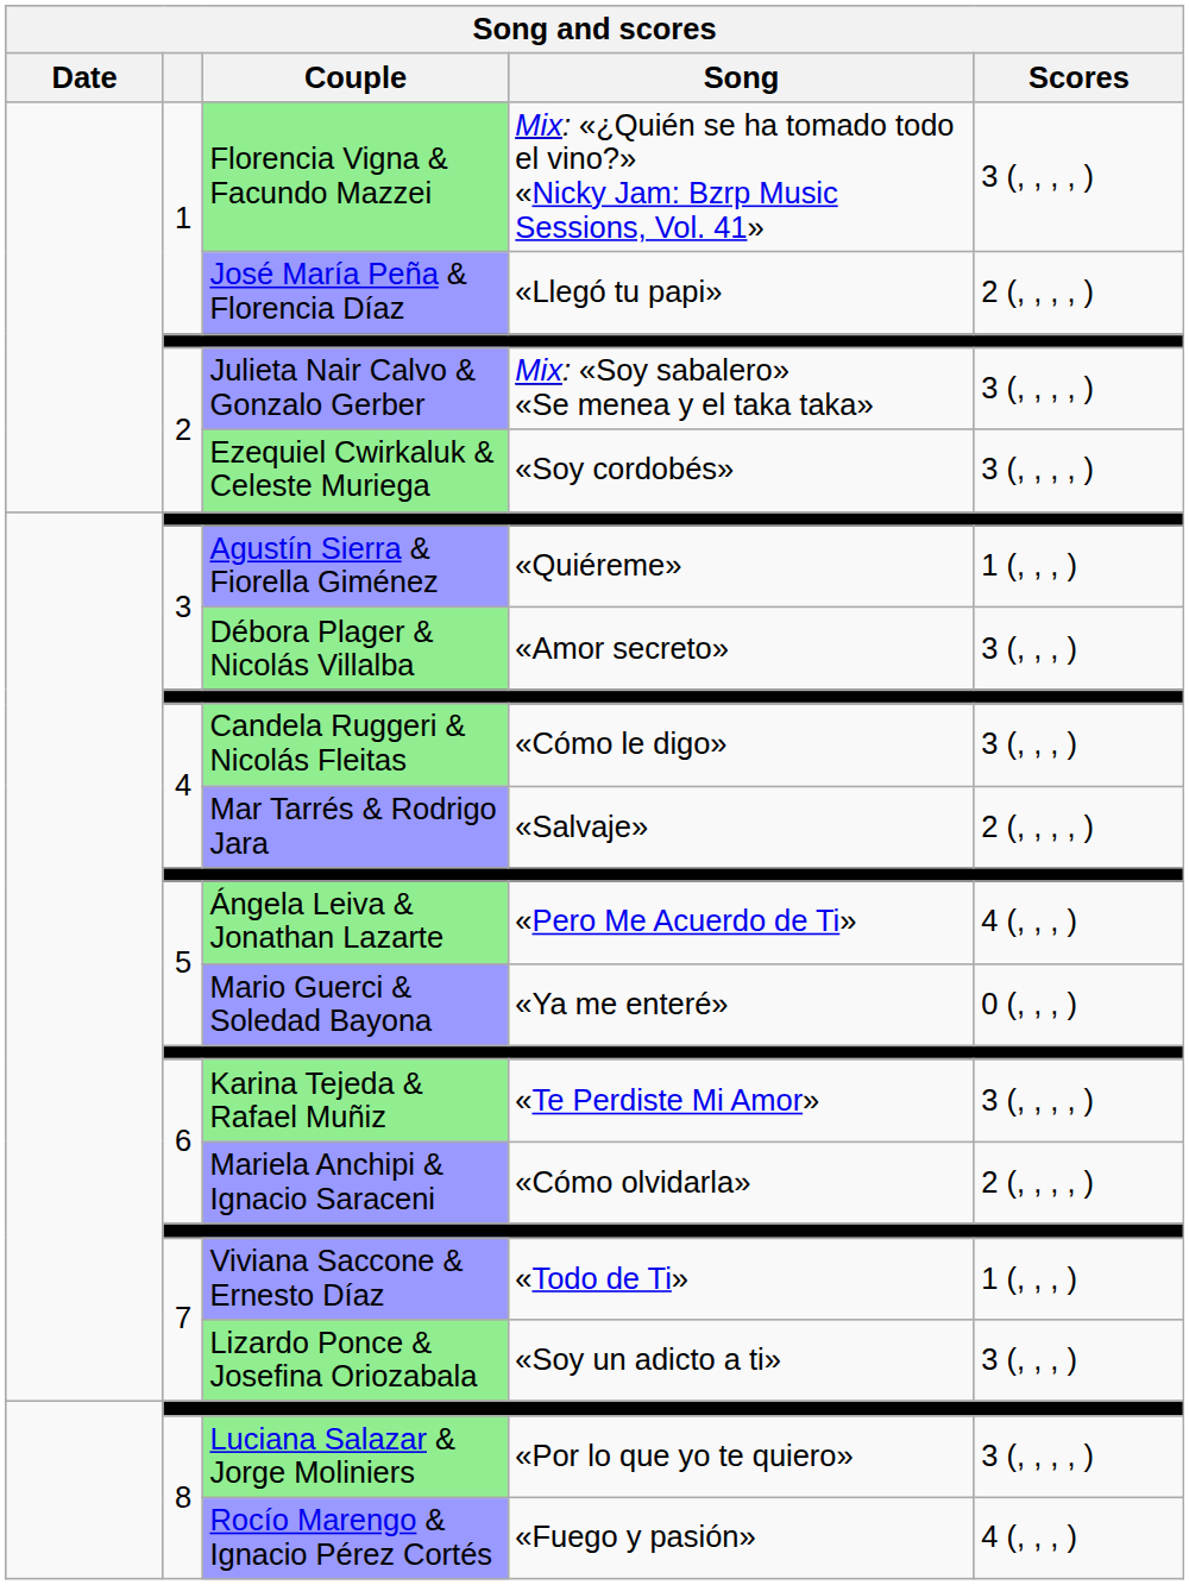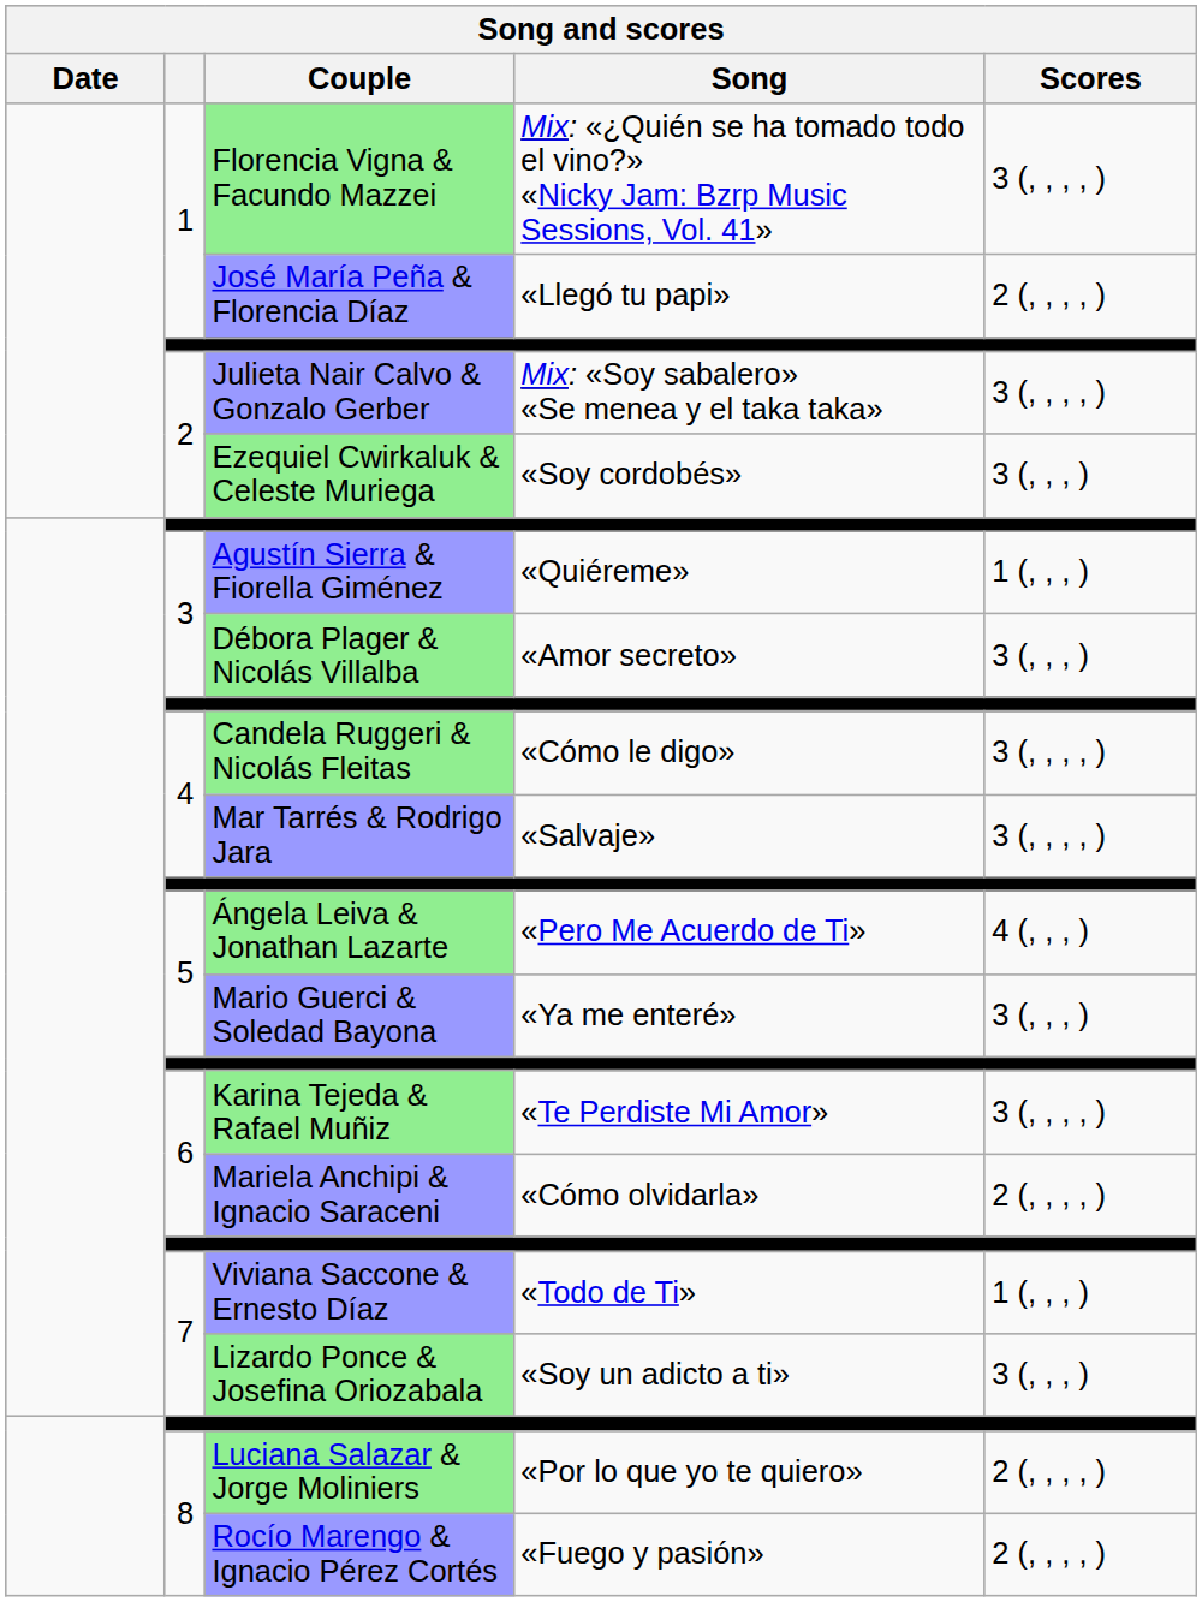 <table class="wikitable collapsible collapsed" style="text-align: align; width: 100%">
 <tr>
 <th colspan="11" style="with: 100%" align="center">Song and scores</th>
 </tr>
 <tr>
 <th width=90>Date</th>
 <th width=15></th>
 <th width=180>Couple</th>
 <th width=290>Song</th>
 <th width=120>Scores</th>
 </tr>
 <tr>
 <td rowspan="5"></td>
 <td rowspan="2" align="center">1</td>
 <td bgcolor="lightgreen">Florencia Vigna & Facundo Mazzei</td>
 <td><em><u><a href='#'>Mix</a></u>:</em> «¿Quién se ha tomado todo el vino?» <br>«<a href='#'>Nicky Jam: Bzrp Music Sessions, Vol. 41</a>» </td>
 <td>3 (, , , , )</td>
 </tr>
 <tr>
 <td bgcolor="#9999FF"><a href='#'>José María Peña</a> & Florencia Díaz</td>
 <td>«Llegó tu papi» </td>
 <td>2 (, , , , )</td>
 </tr>
 <tr>
 <td style="background:black" colspan=10></td>
 </tr>
 <tr>
 <td rowspan="2" align="center">2</td>
 <td bgcolor="#9999FF">Julieta Nair Calvo & Gonzalo Gerber</td>
 <td><em><u><a href='#'>Mix</a></u>:</em> «Soy sabalero» <br>«Se menea y el taka taka» </td>
 <td>3 (, , , , )</td>
 </tr>
 <tr>
 <td bgcolor="lightgreen">Ezequiel Cwirkaluk & Celeste Muriega</td>
 <td>«Soy cordobés» </td>
-<td>3 (, , , , )</td>
+<td>3 (, , , )</td>
 </tr>
 <tr>
 <td rowspan="16"></td>
 </tr>
 <tr>
 <td style="background:black" colspan=10></td>
 </tr>
 <tr>
 <td rowspan="2" align="center">3</td>
 <td bgcolor="#9999FF"><a href='#'>Agustín Sierra</a> & Fiorella Giménez</td>
 <td>«Quiéreme» </td>
 <td>1 (, , , )</td>
 </tr>
 <tr>
 <td bgcolor="lightgreen">Débora Plager & Nicolás Villalba</td>
 <td>«Amor secreto» </td>
 <td>3 (, , , )</td>
 </tr>
 <tr>
 <td style="background:black" colspan=10></td>
 </tr>
 <tr>
 <td rowspan="2" align="center">4</td>
 <td bgcolor="lightgreen">Candela Ruggeri & Nicolás Fleitas</td>
 <td>«Cómo le digo» </td>
-<td>3 (, , , )</td>
+<td>3 (, , , , )</td>
 </tr>
 <tr>
 <td bgcolor="#9999FF">Mar Tarrés & Rodrigo Jara</td>
 <td>«Salvaje» </td>
-<td>2 (, , , , )</td>
+<td>3 (, , , , )</td>
 </tr>
 <tr>
 <td style="background:black" colspan=10></td>
 </tr>
 <tr>
 <td rowspan="2" align="center">5</td>
 <td bgcolor="lightgreen">Ángela Leiva & Jonathan Lazarte</td>
 <td>«<a href='#'>Pero Me Acuerdo de Ti</a>» </td>
 <td>4 (, , , )</td>
 </tr>
 <tr>
 <td bgcolor="#9999FF">Mario Guerci & Soledad Bayona</td>
 <td>«Ya me enteré» </td>
-<td>0 (, , , )</td>
+<td>3 (, , , )</td>
 </tr>
 <tr>
 <td style="background:black" colspan=10></td>
 </tr>
 <tr>
 <td rowspan="2" align="center">6</td>
 <td bgcolor="lightgreen">Karina Tejeda & Rafael Muñiz</td>
 <td>«<a href='#'>Te Perdiste Mi Amor</a>» </td>
 <td>3 (, , , , )</td>
 </tr>
 <tr>
 <td bgcolor="#9999FF">Mariela Anchipi & Ignacio Saraceni</td>
 <td>«Cómo olvidarla» </td>
 <td>2 (, , , , )</td>
 </tr>
 <tr>
 <td style="background:black" colspan=10></td>
 </tr>
 <tr>
 <td rowspan="2" align="center">7</td>
 <td bgcolor="#9999FF">Viviana Saccone & Ernesto Díaz</td>
 <td>«<a href='#'>Todo de Ti</a>» </td>
 <td>1 (, , , )</td>
 </tr>
 <tr>
 <td bgcolor="lightgreen">Lizardo Ponce & Josefina Oriozabala</td>
 <td>«Soy un adicto a ti» </td>
 <td>3 (, , , )</td>
 </tr>
 <tr>
 <td rowspan="4"></td>
 </tr>
 <tr>
 <td style="background:black" colspan=10></td>
 </tr>
 <tr>
 <td rowspan="2" align="center">8</td>
 <td bgcolor="lightgreen"><a href='#'>Luciana Salazar</a> & Jorge Moliniers</td>
 <td>«Por lo que yo te quiero» </td>
-<td>3 (, , , , )</td>
+<td>2 (, , , , )</td>
 </tr>
 <tr>
 <td bgcolor="#9999FF"><a href='#'>Rocío Marengo</a> & Ignacio Pérez Cortés</td>
 <td>«Fuego y pasión» </td>
-<td>4 (, , , )</td>
+<td>2 (, , , , )</td>
 </tr>
 </table>
